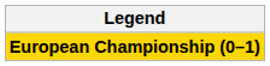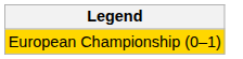 <table class="wikitable">
 <tr>
 <th>Legend</th>
 </tr>
 <tr style="background:gold;">
-<td><strong>European Championship (0–1)</strong></td>
+<td>European Championship (0–1)</td>
 </tr>
 </table>
